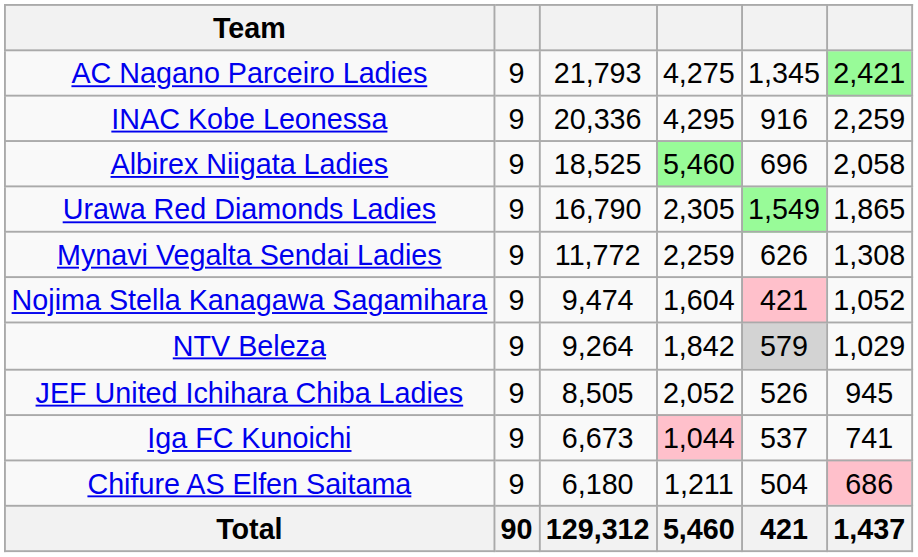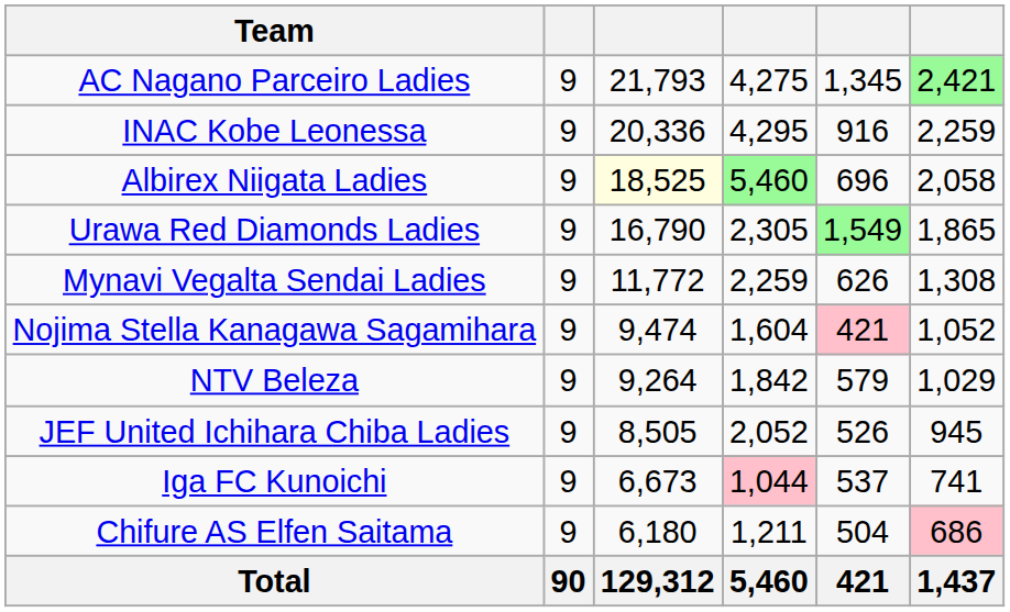 <table class="wikitable sortable" style="font-size: 95%;text-align: center;">
 <tr>
 <th>Team</th>
 <th></th>
 <th></th>
 <th></th>
 <th></th>
 <th></th>
 </tr>
 <tr>
 <td><a href='#'>AC Nagano Parceiro Ladies</a></td>
 <td>9</td>
 <td>21,793</td>
 <td>4,275</td>
 <td>1,345</td>
 <td bgcolor="#98FB98">2,421</td>
 </tr>
 <tr>
 <td><a href='#'>INAC Kobe Leonessa</a></td>
 <td>9</td>
 <td>20,336</td>
 <td>4,295</td>
 <td>916</td>
 <td>2,259</td>
 </tr>
 <tr>
 <td><a href='#'>Albirex Niigata Ladies</a></td>
 <td>9</td>
-<td>18,525</td>
+<td style="background: lightyellow;">18,525</td>
 <td bgcolor="#98FB98">5,460</td>
 <td>696</td>
 <td>2,058</td>
 </tr>
 <tr>
 <td><a href='#'>Urawa Red Diamonds Ladies</a></td>
 <td>9</td>
 <td>16,790</td>
 <td>2,305</td>
 <td bgcolor="#98FB98">1,549</td>
 <td>1,865</td>
 </tr>
 <tr>
 <td><a href='#'>Mynavi Vegalta Sendai Ladies</a></td>
 <td>9</td>
 <td>11,772</td>
 <td>2,259</td>
 <td>626</td>
 <td>1,308</td>
 </tr>
 <tr>
 <td><a href='#'>Nojima Stella Kanagawa Sagamihara</a></td>
 <td>9</td>
 <td>9,474</td>
 <td>1,604</td>
 <td bgcolor="#FFC0CB">421</td>
 <td>1,052</td>
 </tr>
 <tr>
 <td><a href='#'>NTV Beleza</a></td>
 <td>9</td>
 <td>9,264</td>
 <td>1,842</td>
-<td style="background: lightgrey;">579</td>
+<td>579</td>
 <td>1,029</td>
 </tr>
 <tr>
 <td><a href='#'>JEF United Ichihara Chiba Ladies</a></td>
 <td>9</td>
 <td>8,505</td>
 <td>2,052</td>
 <td>526</td>
 <td>945</td>
 </tr>
 <tr>
 <td><a href='#'>Iga FC Kunoichi</a></td>
 <td>9</td>
 <td>6,673</td>
 <td bgcolor="#FFC0CB">1,044</td>
 <td>537</td>
 <td>741</td>
 </tr>
 <tr>
 <td><a href='#'>Chifure AS Elfen Saitama</a></td>
 <td>9</td>
 <td>6,180</td>
 <td>1,211</td>
 <td>504</td>
 <td bgcolor="#FFC0CB">686</td>
 </tr>
 <tr>
 <th>Total</th>
 <th>90</th>
 <th>129,312</th>
 <th>5,460</th>
 <th>421</th>
 <th>1,437</th>
 </tr>
 </table>
